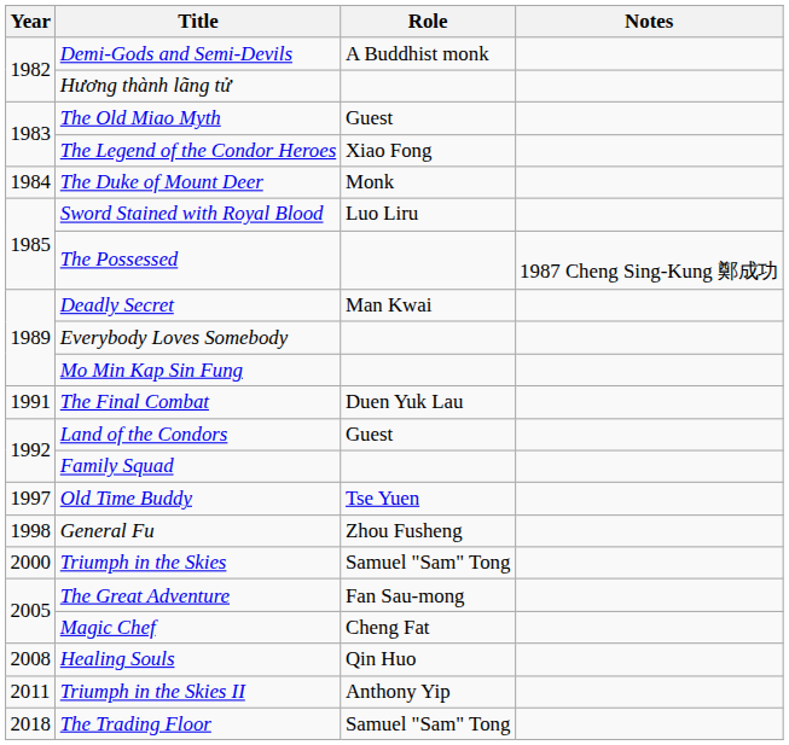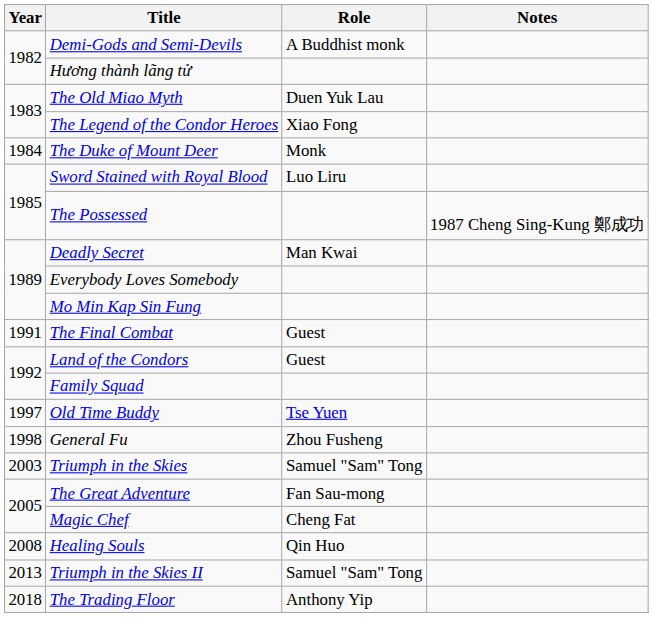 <table class="wikitable">
 <tr>
 <th>Year</th>
 <th>Title</th>
 <th>Role</th>
 <th>Notes</th>
 </tr>
 <tr>
 <td rowspan="2">1982</td>
 <td><em><a href='#'>Demi-Gods and Semi-Devils</a></em></td>
 <td>A Buddhist monk</td>
 <td></td>
 </tr>
 <tr>
 <td><em>Hương thành lãng tử</em> </td>
 <td></td>
 <td></td>
 </tr>
 <tr>
 <td rowspan="2">1983</td>
 <td><em><a href='#'>The Old Miao Myth</a></em></td>
-<td>Guest</td>
+<td>Duen Yuk Lau</td>
 <td></td>
 </tr>
 <tr>
 <td><em><a href='#'>The Legend of the Condor Heroes</a></em></td>
 <td>Xiao Fong</td>
 <td></td>
 </tr>
 <tr>
 <td>1984</td>
 <td><em><a href='#'>The Duke of Mount Deer</a></em></td>
 <td>Monk</td>
 <td></td>
 </tr>
 <tr>
 <td rowspan="2">1985</td>
 <td><em><a href='#'>Sword Stained with Royal Blood</a></em></td>
 <td>Luo Liru</td>
 <td></td>
 </tr>
 <tr>
 <td><em><a href='#'>The Possessed</a></em></td>
 <td></td>
 <td><br>1987 Cheng Sing-Kung 鄭成功</td>
 </tr>
 <tr>
 <td rowspan="3">1989</td>
 <td><em><a href='#'>Deadly Secret</a></em></td>
 <td>Man Kwai</td>
 <td></td>
 </tr>
 <tr>
 <td><em>Everybody Loves Somebody</em></td>
 <td></td>
 <td></td>
 </tr>
 <tr>
 <td><em><a href='#'>Mo Min Kap Sin Fung</a></em></td>
 <td></td>
 <td></td>
 </tr>
 <tr>
 <td>1991</td>
 <td><em><a href='#'>The Final Combat</a></em></td>
-<td>Duen Yuk Lau</td>
+<td>Guest</td>
 <td></td>
 </tr>
 <tr>
 <td rowspan="2">1992</td>
 <td><em><a href='#'>Land of the Condors</a></em> </td>
 <td>Guest</td>
 <td></td>
 </tr>
 <tr>
 <td><em><a href='#'>Family Squad</a></em> </td>
 <td></td>
 <td></td>
 </tr>
 <tr>
 <td>1997</td>
 <td><em><a href='#'>Old Time Buddy</a></em></td>
 <td><a href='#'>Tse Yuen</a></td>
 <td></td>
 </tr>
 <tr>
 <td>1998</td>
 <td><em>General Fu</em> </td>
 <td>Zhou Fusheng</td>
 <td></td>
 </tr>
 <tr>
-<td>2000</td>
+<td>2003</td>
 <td><em><a href='#'>Triumph in the Skies</a></em></td>
 <td>Samuel "Sam" Tong</td>
 <td></td>
 </tr>
 <tr>
 <td rowspan="2">2005</td>
 <td><em><a href='#'>The Great Adventure</a></em></td>
 <td>Fan Sau-mong</td>
 <td></td>
 </tr>
 <tr>
 <td><em><a href='#'>Magic Chef</a></em></td>
 <td>Cheng Fat</td>
 <td></td>
 </tr>
 <tr>
 <td>2008</td>
 <td><em><a href='#'>Healing Souls</a></em> </td>
 <td>Qin Huo</td>
 <td></td>
 </tr>
 <tr>
-<td>2011</td>
+<td>2013</td>
 <td><em><a href='#'>Triumph in the Skies II</a></em></td>
-<td>Anthony Yip</td>
+<td>Samuel "Sam" Tong</td>
 <td></td>
 </tr>
 <tr>
 <td>2018</td>
 <td><em><a href='#'>The Trading Floor</a></em></td>
-<td>Samuel "Sam" Tong</td>
+<td>Anthony Yip</td>
 <td></td>
 </tr>
 </table>
